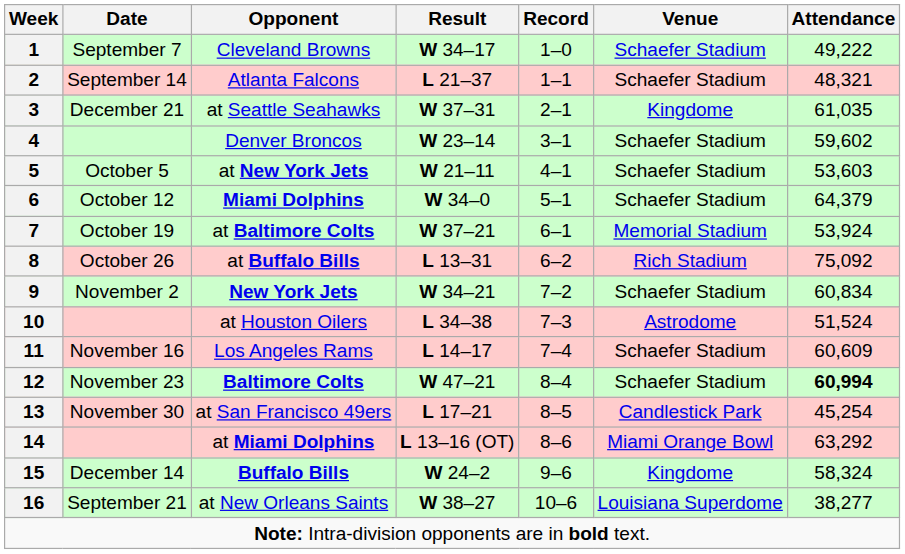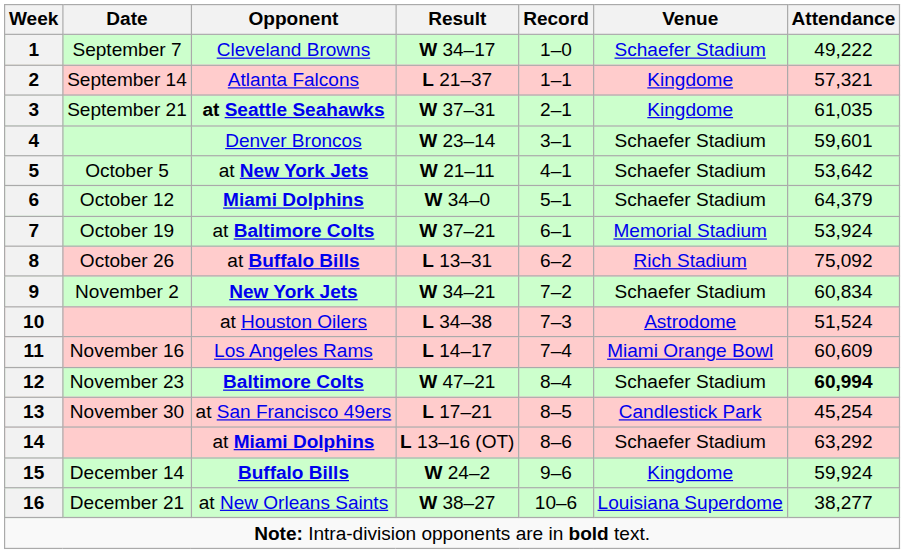 <table class="wikitable" style="text-align:center">
 <tr>
 <th>Week</th>
 <th>Date</th>
 <th>Opponent</th>
 <th>Result</th>
 <th>Record</th>
 <th>Venue</th>
 <th>Attendance</th>
 </tr>
 <tr style="background:#cfc">
 <th>1</th>
 <td>September 7</td>
 <td><a href='#'>Cleveland Browns</a></td>
 <td><strong>W</strong> 34–17</td>
 <td>1–0</td>
 <td><a href='#'>Schaefer Stadium</a></td>
 <td>49,222</td>
 </tr>
 <tr style="background:#fcc">
 <th>2</th>
 <td>September 14</td>
 <td><a href='#'>Atlanta Falcons</a></td>
 <td><strong>L</strong> 21–37</td>
 <td>1–1</td>
-<td>Schaefer Stadium</td>
-<td>48,321</td>
+<td><a href='#'>Kingdome</a></td>
+<td>57,321</td>
 </tr>
 <tr style="background:#cfc">
 <th>3</th>
-<td>December 21</td>
-<td>at <a href='#'>Seattle Seahawks</a></td>
+<td>September 21</td>
+<td><strong>at <a href='#'>Seattle Seahawks</a></strong></td>
 <td><strong>W</strong> 37–31</td>
 <td>2–1</td>
 <td><a href='#'>Kingdome</a></td>
 <td>61,035</td>
 </tr>
 <tr style="background:#cfc">
 <th>4</th>
 <td></td>
 <td><a href='#'>Denver Broncos</a></td>
 <td><strong>W</strong> 23–14</td>
 <td>3–1</td>
 <td>Schaefer Stadium</td>
-<td>59,602</td>
+<td>59,601</td>
 </tr>
 <tr style="background:#cfc">
 <th>5</th>
 <td>October 5</td>
 <td>at <strong><a href='#'>New York Jets</a></strong></td>
 <td><strong>W</strong> 21–11</td>
 <td>4–1</td>
 <td>Schaefer Stadium</td>
-<td>53,603</td>
+<td>53,642</td>
 </tr>
 <tr style="background:#cfc">
 <th>6</th>
 <td>October 12</td>
 <td><strong><a href='#'>Miami Dolphins</a></strong></td>
 <td><strong>W</strong> 34–0</td>
 <td>5–1</td>
 <td>Schaefer Stadium</td>
 <td>64,379</td>
 </tr>
 <tr style="background:#cfc">
 <th>7</th>
 <td>October 19</td>
 <td>at <strong><a href='#'>Baltimore Colts</a></strong></td>
 <td><strong>W</strong> 37–21</td>
 <td>6–1</td>
 <td><a href='#'>Memorial Stadium</a></td>
 <td>53,924</td>
 </tr>
 <tr style="background:#fcc">
 <th>8</th>
 <td>October 26</td>
 <td>at <strong><a href='#'>Buffalo Bills</a></strong></td>
 <td><strong>L</strong> 13–31</td>
 <td>6–2</td>
 <td><a href='#'>Rich Stadium</a></td>
 <td>75,092</td>
 </tr>
 <tr style="background:#cfc">
 <th>9</th>
 <td>November 2</td>
 <td><strong><a href='#'>New York Jets</a></strong></td>
 <td><strong>W</strong> 34–21</td>
 <td>7–2</td>
 <td>Schaefer Stadium</td>
 <td>60,834</td>
 </tr>
 <tr style="background:#fcc">
 <th>10</th>
 <td></td>
 <td>at <a href='#'>Houston Oilers</a></td>
 <td><strong>L</strong> 34–38</td>
 <td>7–3</td>
 <td><a href='#'>Astrodome</a></td>
 <td>51,524</td>
 </tr>
 <tr style="background:#fcc">
 <th>11</th>
 <td>November 16</td>
 <td><a href='#'>Los Angeles Rams</a></td>
 <td><strong>L</strong> 14–17</td>
 <td>7–4</td>
-<td>Schaefer Stadium</td>
+<td><a href='#'>Miami Orange Bowl</a></td>
 <td>60,609</td>
 </tr>
 <tr style="background:#cfc">
 <th>12</th>
 <td>November 23</td>
 <td><strong><a href='#'>Baltimore Colts</a></strong></td>
 <td><strong>W</strong> 47–21</td>
 <td>8–4</td>
 <td>Schaefer Stadium</td>
 <td><strong>60,994</strong></td>
 </tr>
 <tr style="background:#fcc">
 <th>13</th>
 <td>November 30</td>
 <td>at <a href='#'>San Francisco 49ers</a></td>
 <td><strong>L</strong> 17–21</td>
 <td>8–5</td>
 <td><a href='#'>Candlestick Park</a></td>
 <td>45,254</td>
 </tr>
 <tr style="background:#fcc">
 <th>14</th>
 <td></td>
 <td>at <strong><a href='#'>Miami Dolphins</a></strong></td>
 <td><strong>L</strong> 13–16 (OT)</td>
 <td>8–6</td>
-<td><a href='#'>Miami Orange Bowl</a></td>
+<td>Schaefer Stadium</td>
 <td>63,292</td>
 </tr>
 <tr style="background:#cfc">
 <th>15</th>
 <td>December 14</td>
 <td><strong><a href='#'>Buffalo Bills</a></strong></td>
 <td><strong>W</strong> 24–2</td>
 <td>9–6</td>
 <td><a href='#'>Kingdome</a></td>
-<td>58,324</td>
+<td>59,924</td>
 </tr>
 <tr style="background:#cfc">
 <th>16</th>
-<td>September 21</td>
+<td>December 21</td>
 <td>at <a href='#'>New Orleans Saints</a></td>
 <td><strong>W</strong> 38–27</td>
 <td>10–6</td>
 <td><a href='#'>Louisiana Superdome</a></td>
 <td>38,277</td>
 </tr>
 <tr>
 <td colspan="8"><strong>Note:</strong> Intra-division opponents are in <strong>bold</strong> text.</td>
 </tr>
 </table>
